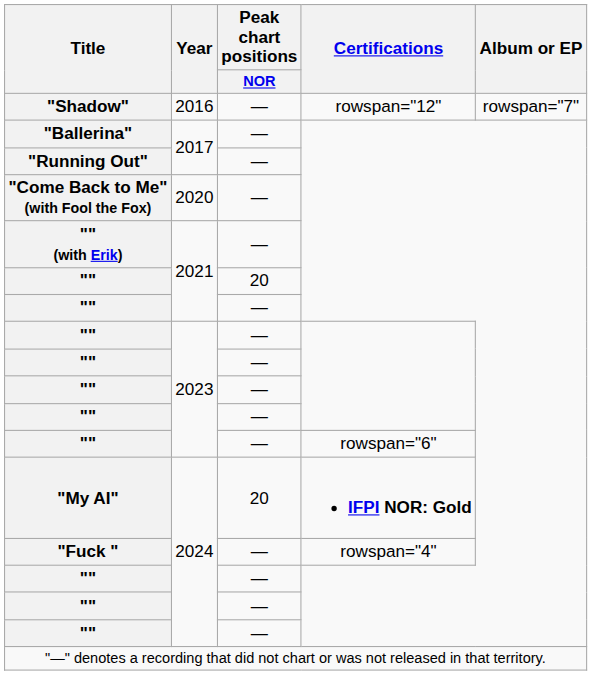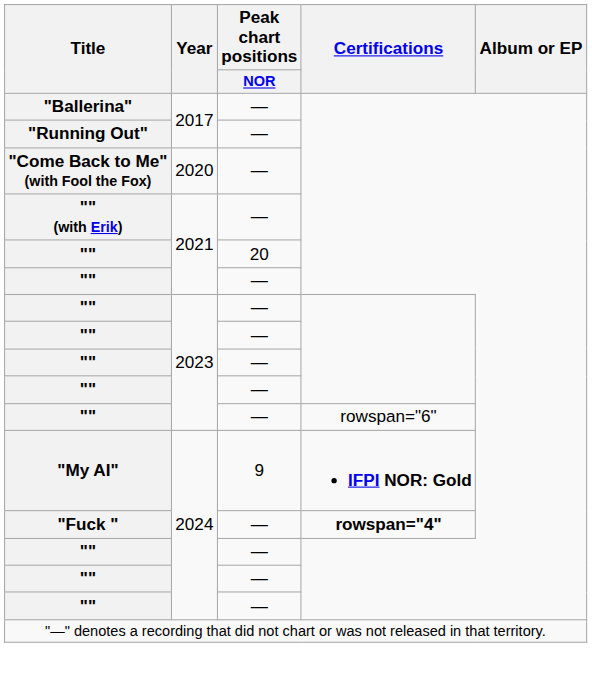 <table class="wikitable plainrowheaders" style="text-align:center;">
 <tr>
 <th scope="col" rowspan="2">Title</th>
 <th scope="col" rowspan="2">Year</th>
 <th scope="col" colspan="1">Peak chart positions</th>
 <th scope="col" rowspan="2"><a href='#'>Certifications</a></th>
 <th scope="col" rowspan="2">Album or EP</th>
 </tr>
 <tr>
 <th scope="col" style="width:3em;font-size:85%;"><a href='#'>NOR</a><br></th>
-</tr>
-<tr>
-<th scope="row">"Shadow"</th>
-<td>2016</td>
-<td>—</td>
-<td>rowspan="12" </td>
-<td>rowspan="7" </td>
 </tr>
 <tr>
 <th scope="row">"Ballerina"</th>
 <td rowspan="2">2017</td>
 <td>—</td>
 </tr>
 <tr>
 <th scope="row">"Running Out"</th>
 <td>—</td>
 </tr>
 <tr>
 <th scope="row">"Come Back to Me"<br><small>(with Fool the Fox)</small></th>
 <td>2020</td>
 <td>—</td>
 </tr>
 <tr>
 <th scope="row">""<br><small>(with <a href='#'>Erik</a>)</small></th>
 <td rowspan="3">2021</td>
 <td>—</td>
 </tr>
 <tr>
 <th scope="row">""</th>
 <td>20</td>
 </tr>
 <tr>
 <th scope="row">""</th>
 <td>—</td>
 </tr>
 <tr>
 <th scope="row">""</th>
 <td rowspan="5">2023</td>
 <td>—</td>
 <td rowspan="4"></td>
 </tr>
 <tr>
 <th scope="row">""</th>
 <td>—</td>
 </tr>
 <tr>
 <th scope="row">""</th>
 <td>—</td>
 </tr>
 <tr>
 <th scope="row">""</th>
 <td>—</td>
 </tr>
 <tr>
 <th scope="row">""</th>
 <td>—</td>
 <td>rowspan="6" </td>
 </tr>
 <tr>
 <th scope="row">"My AI"<br></th>
 <td rowspan="5">2024</td>
-<td>20</td>
+<td>9</td>
 <td><strong><br><ul><li><a href='#'>IFPI</a> NOR: Gold</li></ul></strong></td>
 </tr>
 <tr>
 <th scope="row">"Fuck "<br></th>
 <td>—</td>
-<td>rowspan="4" </td>
+<td><strong>rowspan="4" </strong></td>
 </tr>
 <tr>
 <th scope="row">""</th>
 <td>—</td>
 </tr>
 <tr>
 <th scope="row">""</th>
 <td>—</td>
 </tr>
 <tr>
 <th scope="row">""</th>
 <td>—</td>
 </tr>
 <tr>
 <td colspan="5" style="font-size:85%">"—" denotes a recording that did not chart or was not released in that territory.</td>
 </tr>
 </table>
